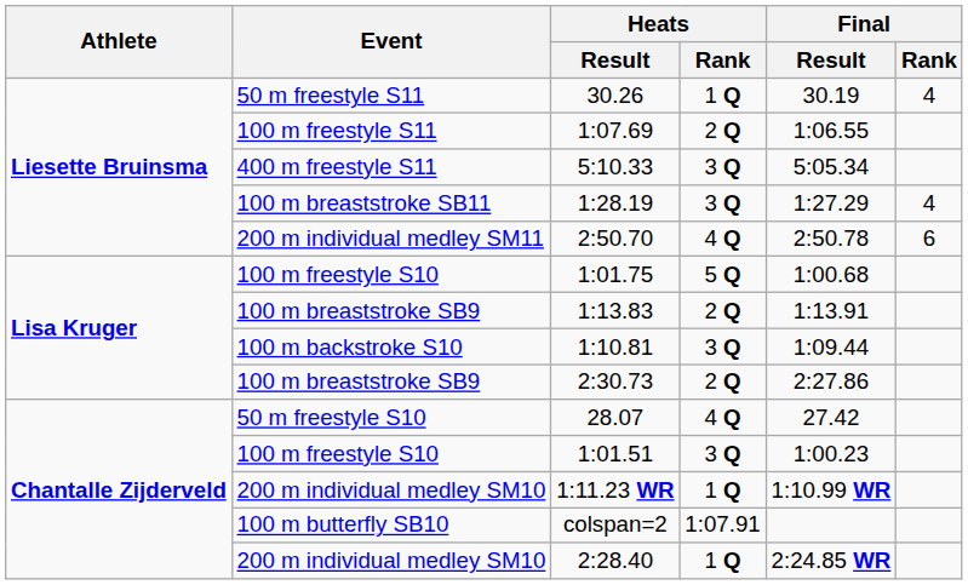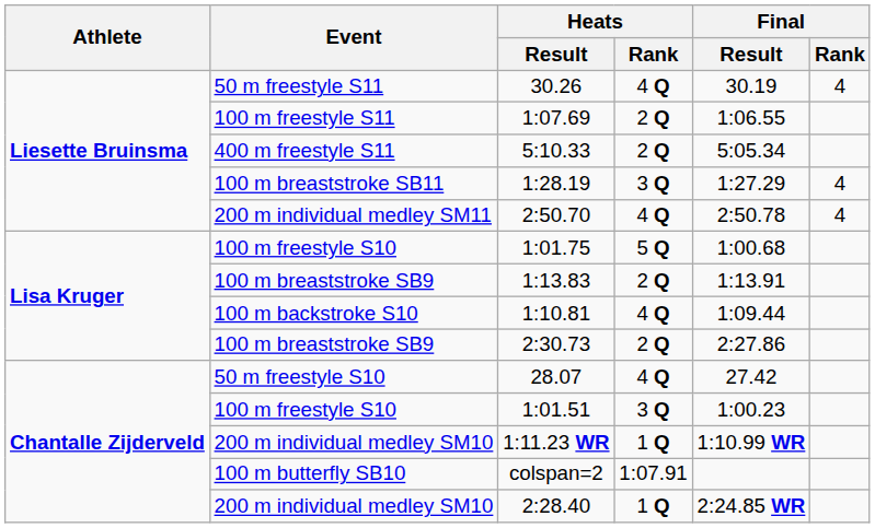 <table class=wikitable style="font-size:90%">
 <tr>
 <th rowspan="2">Athlete</th>
 <th rowspan="2">Event</th>
 <th colspan="2">Heats</th>
 <th colspan="2">Final</th>
 </tr>
 <tr>
 <th>Result</th>
 <th>Rank</th>
 <th>Result</th>
 <th>Rank</th>
 </tr>
 <tr align=center>
 <td align=left rowspan=5><strong><a href='#'>Liesette Bruinsma</a></strong></td>
 <td align=left><a href='#'>50 m freestyle S11</a></td>
 <td>30.26</td>
-<td>1 <strong>Q</strong></td>
+<td>4 <strong>Q</strong></td>
 <td>30.19</td>
 <td>4</td>
 </tr>
 <tr align=center>
 <td align=left><a href='#'>100 m freestyle S11</a></td>
 <td>1:07.69</td>
 <td>2 <strong>Q</strong></td>
 <td>1:06.55</td>
 <td></td>
 </tr>
 <tr align=center>
 <td align=left><a href='#'>400 m freestyle S11</a></td>
 <td>5:10.33</td>
-<td>3 <strong>Q</strong></td>
+<td>2 <strong>Q</strong></td>
 <td>5:05.34</td>
 <td></td>
 </tr>
 <tr align=center>
 <td align=left><a href='#'>100 m breaststroke SB11</a></td>
 <td>1:28.19</td>
 <td>3 <strong>Q</strong></td>
 <td>1:27.29</td>
 <td>4</td>
 </tr>
 <tr align=center>
 <td align=left><a href='#'>200 m individual medley SM11</a></td>
 <td>2:50.70</td>
 <td>4 <strong>Q</strong></td>
 <td>2:50.78</td>
-<td>6</td>
+<td>4</td>
 </tr>
 <tr align=center>
 <td align=left rowspan=4><strong><a href='#'>Lisa Kruger</a></strong></td>
 <td align=left><a href='#'>100 m freestyle S10</a></td>
 <td>1:01.75</td>
 <td>5 <strong>Q</strong></td>
 <td>1:00.68</td>
 <td></td>
 </tr>
 <tr align=center>
 <td align=left><a href='#'>100 m breaststroke SB9</a></td>
 <td>1:13.83</td>
 <td>2 <strong>Q</strong></td>
 <td>1:13.91</td>
 <td></td>
 </tr>
 <tr align=center>
 <td align=left><a href='#'>100 m backstroke S10</a></td>
 <td>1:10.81</td>
-<td>3 <strong>Q</strong></td>
+<td>4 <strong>Q</strong></td>
 <td>1:09.44</td>
 <td></td>
 </tr>
 <tr align=center>
 <td align=left><a href='#'>100 m breaststroke SB9</a></td>
 <td>2:30.73</td>
 <td>2 <strong>Q</strong></td>
 <td>2:27.86</td>
 <td></td>
 </tr>
 <tr align=center>
 <td align=left rowspan=5><strong><a href='#'>Chantalle Zijderveld</a></strong></td>
 <td align=left><a href='#'>50 m freestyle S10</a></td>
 <td>28.07</td>
 <td>4 <strong>Q</strong></td>
 <td>27.42</td>
 <td></td>
 </tr>
 <tr align=center>
 <td align=left><a href='#'>100 m freestyle S10</a></td>
 <td>1:01.51</td>
 <td>3 <strong>Q</strong></td>
 <td>1:00.23</td>
 <td></td>
 </tr>
 <tr align=center>
 <td align=left><a href='#'>200 m individual medley SM10</a></td>
 <td>1:11.23 <strong><a href='#'>WR</a></strong></td>
 <td>1 <strong>Q</strong></td>
 <td>1:10.99 <strong><a href='#'>WR</a></strong></td>
 <td></td>
 </tr>
 <tr align=center>
 <td align=left><a href='#'>100 m butterfly  SB10</a></td>
 <td>colspan=2 </td>
 <td>1:07.91</td>
 <td></td>
 </tr>
 <tr align=center>
 <td align=left><a href='#'>200 m individual medley SM10</a></td>
 <td>2:28.40</td>
 <td>1  <strong>Q</strong></td>
 <td>2:24.85 <strong><a href='#'>WR</a></strong></td>
 <td></td>
 </tr>
 </table>
